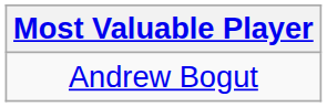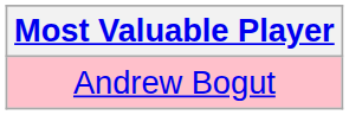 <table class=wikitable style="text-align:center; margin:auto">
 <tr>
 <th><a href='#'>Most Valuable Player</a></th>
 </tr>
 <tr>
-<td> <a href='#'>Andrew Bogut</a></td>
+<td style="background: pink;"> <a href='#'>Andrew Bogut</a></td>
 </tr>
 </table>
